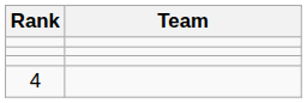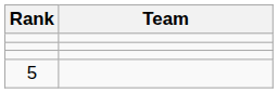 <table class=wikitable style="text-align:center;">
 <tr>
 <th width=40>Rank</th>
 <th width=180>Team</th>
 </tr>
 <tr>
 <td></td>
 <td align=left></td>
 </tr>
 <tr>
 <td></td>
 <td align=left></td>
 </tr>
 <tr>
 <td></td>
 <td align=left></td>
 </tr>
 <tr>
-<td>4</td>
+<td>5</td>
 <td align=left></td>
 </tr>
 </table>
